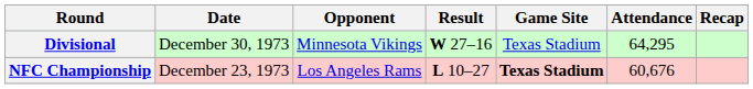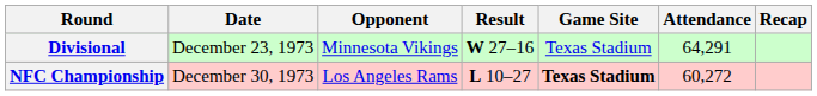 <table class="wikitable" style="text-align:center">
 <tr>
 <th>Round</th>
 <th>Date</th>
 <th>Opponent</th>
 <th>Result</th>
 <th>Game Site</th>
 <th>Attendance</th>
 <th>Recap</th>
 </tr>
 <tr style="background: #cfc">
 <th><a href='#'>Divisional</a></th>
-<td>December 30, 1973</td>
+<td>December 23, 1973</td>
 <td><a href='#'>Minnesota Vikings</a></td>
 <td><strong>W</strong> 27–16</td>
 <td><a href='#'>Texas Stadium</a></td>
-<td>64,295</td>
+<td>64,291</td>
 <td></td>
 </tr>
 <tr style="background: #fcc">
 <th><a href='#'>NFC Championship</a></th>
-<td>December 23, 1973</td>
+<td>December 30, 1973</td>
 <td><a href='#'>Los Angeles Rams</a></td>
 <td><strong>L</strong> 10–27</td>
 <td><strong>Texas Stadium</strong></td>
-<td>60,676</td>
+<td>60,272</td>
 <td></td>
 </tr>
 </table>
